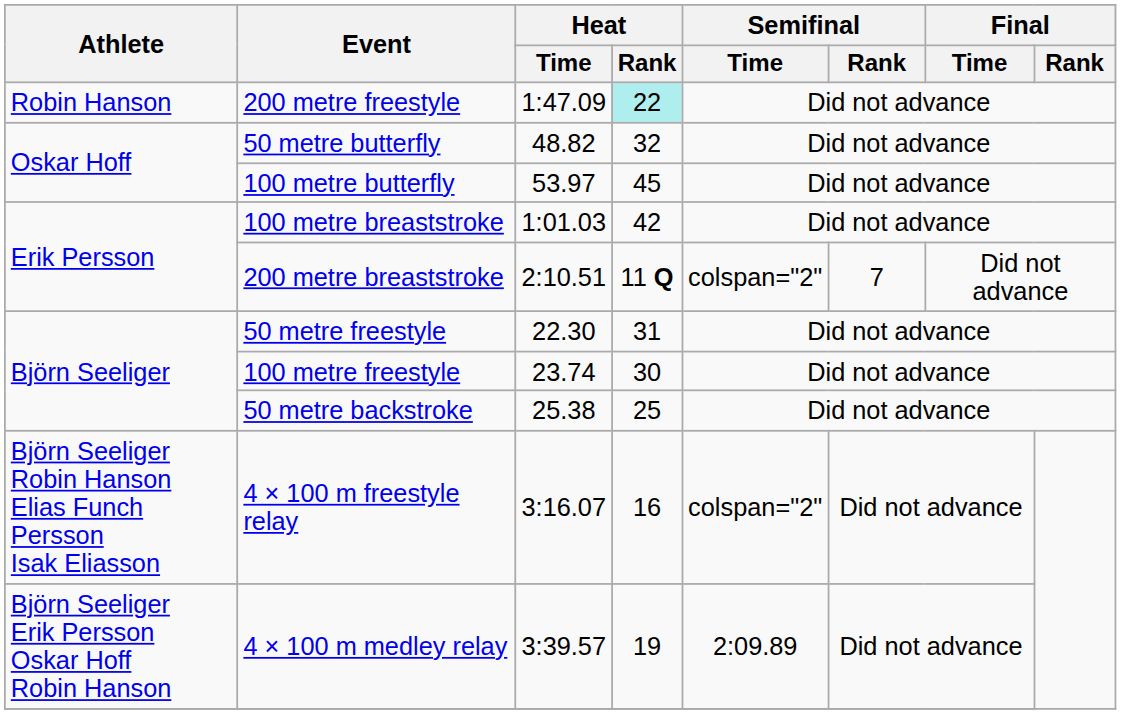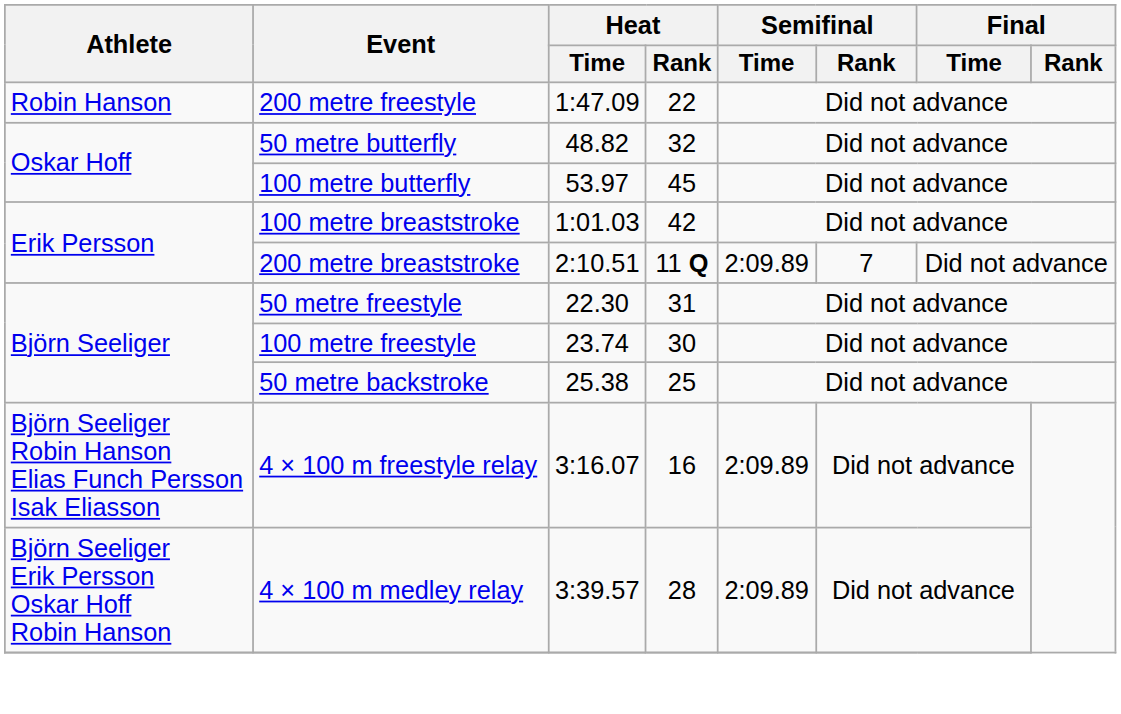 <table class="wikitable" style="text-align:center; font-size:90%; width:50%;">
 <tr>
 <th rowspan="2">Athlete</th>
 <th rowspan="2">Event</th>
 <th colspan="2">Heat</th>
 <th colspan="2">Semifinal</th>
 <th colspan="2">Final</th>
 </tr>
 <tr style="font-size:95%">
 <th>Time</th>
 <th>Rank</th>
 <th>Time</th>
 <th>Rank</th>
 <th>Time</th>
 <th>Rank</th>
 </tr>
 <tr>
 <td align=left><a href='#'>Robin Hanson</a></td>
 <td align=left><a href='#'>200 metre freestyle</a></td>
 <td>1:47.09</td>
-<td style="background: paleturquoise;">22</td>
+<td>22</td>
 <td colspan=4>Did not advance</td>
 </tr>
 <tr>
 <td align=left rowspan=2><a href='#'>Oskar Hoff</a></td>
 <td align=left><a href='#'>50 metre butterfly</a></td>
 <td>48.82</td>
 <td>32</td>
 <td colspan=4>Did not advance</td>
 </tr>
 <tr>
 <td align=left><a href='#'>100 metre butterfly</a></td>
 <td>53.97</td>
 <td>45</td>
 <td colspan=4>Did not advance</td>
 </tr>
 <tr>
 <td align=left rowspan=2><a href='#'>Erik Persson</a></td>
 <td align=left><a href='#'>100 metre breaststroke</a></td>
 <td>1:01.03</td>
 <td>42</td>
 <td colspan=4>Did not advance</td>
 </tr>
 <tr>
 <td align=left><a href='#'>200 metre breaststroke</a></td>
 <td>2:10.51</td>
 <td>11 <strong>Q</strong></td>
-<td>colspan="2" </td>
+<td>2:09.89</td>
 <td>7</td>
 <td colspan=2>Did not advance</td>
 </tr>
 <tr>
 <td align=left rowspan=3><a href='#'>Björn Seeliger</a></td>
 <td align=left><a href='#'>50 metre freestyle</a></td>
 <td>22.30</td>
 <td>31</td>
 <td colspan=4>Did not advance</td>
 </tr>
 <tr>
 <td align=left><a href='#'>100 metre freestyle</a></td>
 <td>23.74</td>
 <td>30</td>
 <td colspan=4>Did not advance</td>
 </tr>
 <tr>
 <td align=left><a href='#'>50 metre backstroke</a></td>
 <td>25.38</td>
 <td>25</td>
 <td colspan=4>Did not advance</td>
 </tr>
 <tr>
 <td align=left><a href='#'>Björn Seeliger</a> <br><a href='#'>Robin Hanson</a> <br><a href='#'>Elias Funch Persson</a> <br><a href='#'>Isak Eliasson</a></td>
 <td align=left><a href='#'>4 × 100 m freestyle relay</a></td>
 <td>3:16.07</td>
 <td>16</td>
-<td>colspan="2" </td>
+<td>2:09.89</td>
 <td colspan="2">Did not advance</td>
 </tr>
 <tr>
 <td align=left><a href='#'>Björn Seeliger</a> <br><a href='#'>Erik Persson</a> <br><a href='#'>Oskar Hoff</a> <br><a href='#'>Robin Hanson</a></td>
 <td align=left><a href='#'>4 × 100 m medley relay</a></td>
 <td>3:39.57</td>
-<td>19</td>
+<td>28</td>
 <td>2:09.89</td>
 <td colspan=2>Did not advance</td>
 </tr>
 <tr>
 </tr>
 </table>
